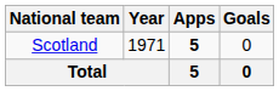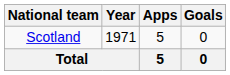 <table class="wikitable" style="text-align:center">
 <tr>
 <th>National team</th>
 <th>Year</th>
 <th>Apps</th>
 <th>Goals</th>
 </tr>
 <tr>
 <td><a href='#'>Scotland</a></td>
 <td>1971</td>
-<td><strong>5</strong></td>
+<td>5</td>
 <td>0</td>
 </tr>
 <tr>
 <th colspan="2">Total</th>
 <th>5</th>
 <th>0</th>
 </tr>
 </table>
